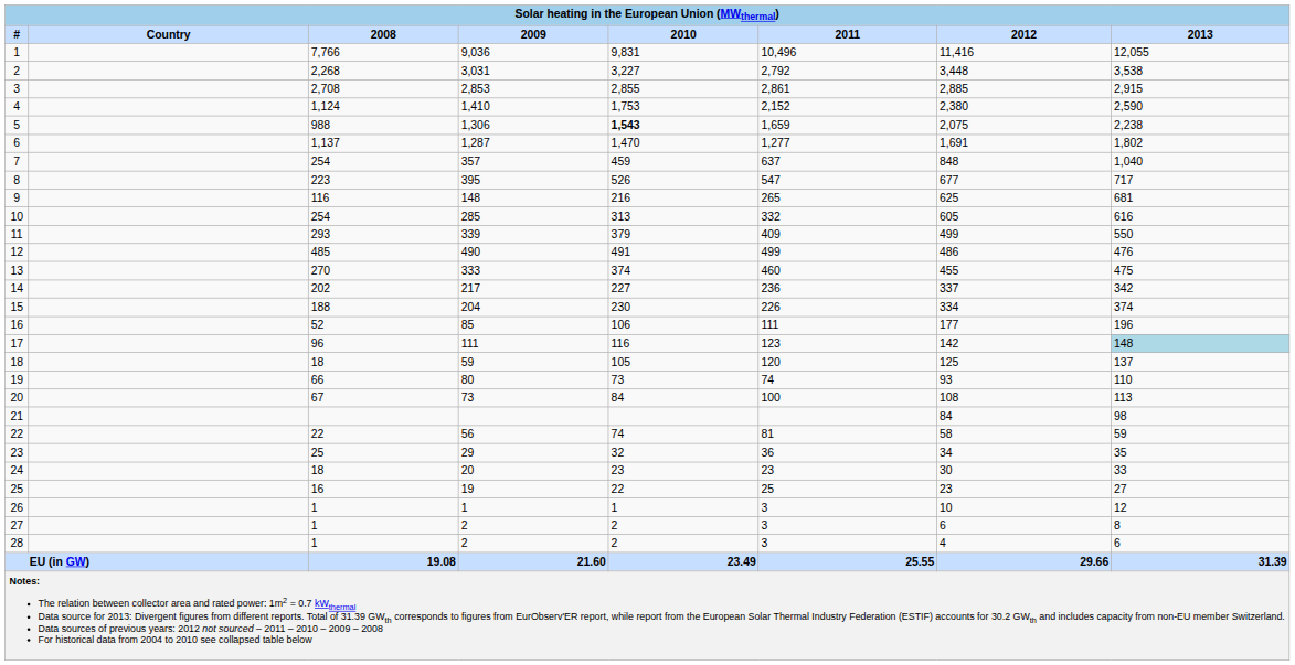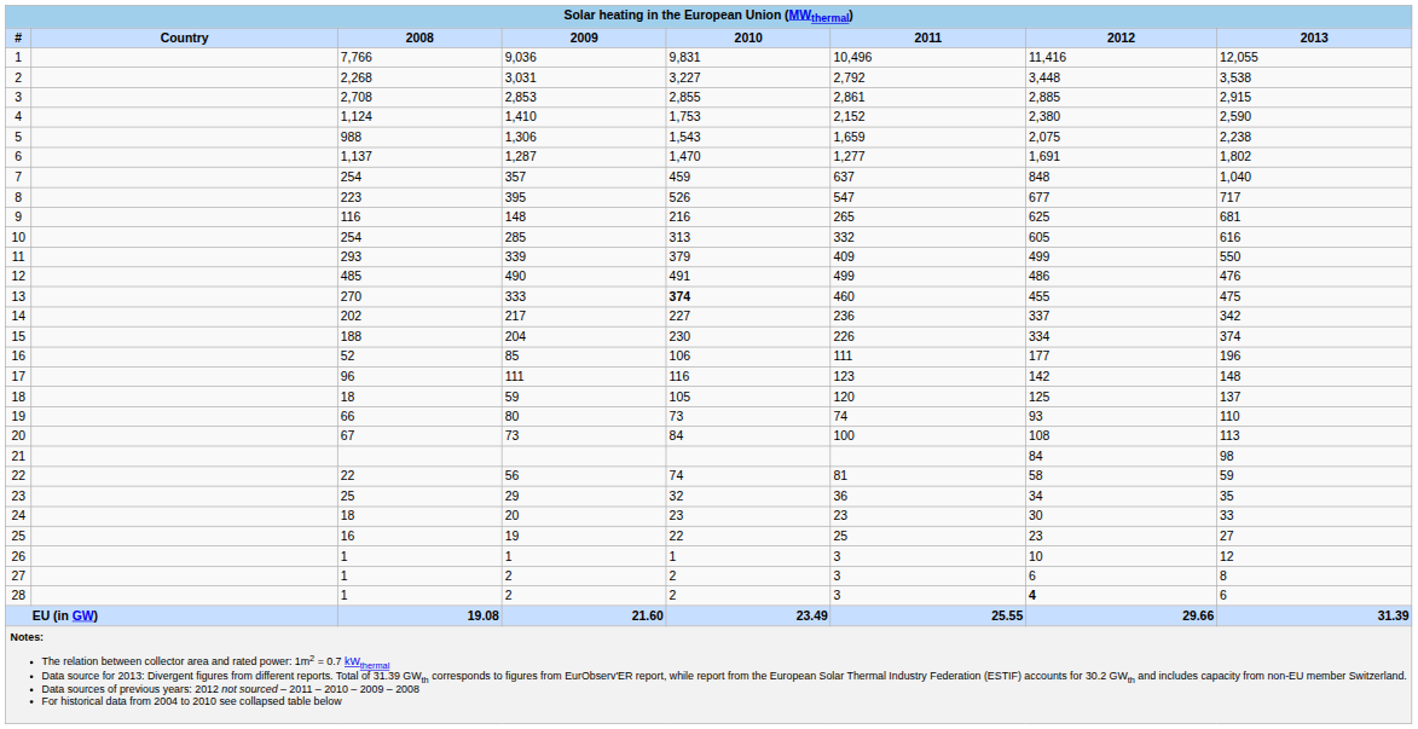 <table class="wikitable sortable">
 <tr>
 <th colspan=8 style="background-color: #A0CFEC;">Solar heating in the European Union (<a href='#'>MW</a><sub><a href='#'>thermal</a></sub>)</th>
 </tr>
 <tr>
 <th style="background-color: #C6DEFF; width: 26px;" class="unsortable">#</th>
 <th style="background-color: #C6DEFF;">Country</th>
 <th style="background-color: #C6DEFF;">2008</th>
 <th style="background-color: #C6DEFF;">2009</th>
 <th style="background-color: #C6DEFF;">2010</th>
 <th style="background-color: #C6DEFF;">2011</th>
 <th style="background-color: #C6DEFF;">2012</th>
 <th style="background-color: #C6DEFF;">2013</th>
 </tr>
 <tr>
 <td align=center>1</td>
 <td align=left></td>
 <td>7,766</td>
 <td>9,036</td>
 <td>9,831</td>
 <td>10,496</td>
 <td>11,416</td>
 <td>12,055</td>
 </tr>
 <tr>
 <td align=center>2</td>
 <td align=left></td>
 <td>2,268</td>
 <td>3,031</td>
 <td>3,227</td>
 <td>2,792</td>
 <td>3,448</td>
 <td>3,538</td>
 </tr>
 <tr>
 <td align=center>3</td>
 <td align=left></td>
 <td>2,708</td>
 <td>2,853</td>
 <td>2,855</td>
 <td>2,861</td>
 <td>2,885</td>
 <td>2,915</td>
 </tr>
 <tr>
 <td align=center>4</td>
 <td align=left></td>
 <td>1,124</td>
 <td>1,410</td>
 <td>1,753</td>
 <td>2,152</td>
 <td>2,380</td>
 <td>2,590</td>
 </tr>
 <tr>
 <td align=center>5</td>
 <td align=left></td>
 <td>988</td>
 <td>1,306</td>
-<td><strong>1,543</strong></td>
+<td>1,543</td>
 <td>1,659</td>
 <td>2,075</td>
 <td>2,238</td>
 </tr>
 <tr>
 <td align=center>6</td>
 <td align=left></td>
 <td>1,137</td>
 <td>1,287</td>
 <td>1,470</td>
 <td>1,277</td>
 <td>1,691</td>
 <td>1,802</td>
 </tr>
 <tr>
 <td align=center>7</td>
 <td align=left></td>
 <td>254</td>
 <td>357</td>
 <td>459</td>
 <td>637</td>
 <td>848</td>
 <td>1,040</td>
 </tr>
 <tr>
 <td align=center>8</td>
 <td align=left></td>
 <td>223</td>
 <td>395</td>
 <td>526</td>
 <td>547</td>
 <td>677</td>
 <td>717</td>
 </tr>
 <tr>
 <td align=center>9</td>
 <td align=left></td>
 <td>116</td>
 <td>148</td>
 <td>216</td>
 <td>265</td>
 <td>625</td>
 <td>681</td>
 </tr>
 <tr>
 <td align=center>10</td>
 <td align=left></td>
 <td>254</td>
 <td>285</td>
 <td>313</td>
 <td>332</td>
 <td>605</td>
 <td>616</td>
 </tr>
 <tr>
 <td align=center>11</td>
 <td align=left></td>
 <td>293</td>
 <td>339</td>
 <td>379</td>
 <td>409</td>
 <td>499</td>
 <td>550</td>
 </tr>
 <tr>
 <td align=center>12</td>
 <td align=left></td>
 <td>485</td>
 <td>490</td>
 <td>491</td>
 <td>499</td>
 <td>486</td>
 <td>476</td>
 </tr>
 <tr>
 <td align=center>13</td>
 <td align=left></td>
 <td>270</td>
 <td>333</td>
-<td>374</td>
+<td><strong>374</strong></td>
 <td>460</td>
 <td>455</td>
 <td>475</td>
 </tr>
 <tr>
 <td align=center>14</td>
 <td align=left></td>
 <td>202</td>
 <td>217</td>
 <td>227</td>
 <td>236</td>
 <td>337</td>
 <td>342</td>
 </tr>
 <tr>
 <td align=center>15</td>
 <td align=left></td>
 <td>188</td>
 <td>204</td>
 <td>230</td>
 <td>226</td>
 <td>334</td>
 <td>374</td>
 </tr>
 <tr>
 <td align=center>16</td>
 <td align=left></td>
 <td>52</td>
 <td>85</td>
 <td>106</td>
 <td>111</td>
 <td>177</td>
 <td>196</td>
 </tr>
 <tr>
 <td align=center>17</td>
 <td align=left></td>
 <td>96</td>
 <td>111</td>
 <td>116</td>
 <td>123</td>
 <td>142</td>
-<td style="background: lightblue;">148</td>
+<td>148</td>
 </tr>
 <tr>
 <td align=center>18</td>
 <td align=left></td>
 <td>18</td>
 <td>59</td>
 <td>105</td>
 <td>120</td>
 <td>125</td>
 <td>137</td>
 </tr>
 <tr>
 <td align=center>19</td>
 <td align=left></td>
 <td>66</td>
 <td>80</td>
 <td>73</td>
 <td>74</td>
 <td>93</td>
 <td>110</td>
 </tr>
 <tr>
 <td align=center>20</td>
 <td align=left></td>
 <td>67</td>
 <td>73</td>
 <td>84</td>
 <td>100</td>
 <td>108</td>
 <td>113</td>
 </tr>
 <tr>
 <td align=center>21</td>
 <td align=left></td>
 <td></td>
 <td></td>
 <td></td>
 <td></td>
 <td>84</td>
 <td>98</td>
 </tr>
 <tr>
 <td align=center>22</td>
 <td align=left></td>
 <td>22</td>
 <td>56</td>
 <td>74</td>
 <td>81</td>
 <td>58</td>
 <td>59</td>
 </tr>
 <tr>
 <td align=center>23</td>
 <td align=left></td>
 <td>25</td>
 <td>29</td>
 <td>32</td>
 <td>36</td>
 <td>34</td>
 <td>35</td>
 </tr>
 <tr>
 <td align=center>24</td>
 <td align=left></td>
 <td>18</td>
 <td>20</td>
 <td>23</td>
 <td>23</td>
 <td>30</td>
 <td>33</td>
 </tr>
 <tr>
 <td align=center>25</td>
 <td align=left></td>
 <td>16</td>
 <td>19</td>
 <td>22</td>
 <td>25</td>
 <td>23</td>
 <td>27</td>
 </tr>
 <tr>
 <td align=center>26</td>
 <td align=left></td>
 <td>1</td>
 <td>1</td>
 <td>1</td>
 <td>3</td>
 <td>10</td>
 <td>12</td>
 </tr>
 <tr>
 <td align=center>27</td>
 <td align=left></td>
 <td>1</td>
 <td>2</td>
 <td>2</td>
 <td>3</td>
 <td>6</td>
 <td>8</td>
 </tr>
 <tr>
 <td align=center>28</td>
 <td align=left></td>
 <td>1</td>
 <td>2</td>
 <td>2</td>
 <td>3</td>
-<td>4</td>
+<td><strong>4</strong></td>
 <td>6</td>
 </tr>
 <tr>
 <th colspan=2 style="background-color: #C6DEFF; text-align: left; padding-left: 34px;"> EU <span>(in <a href='#'>GW</a>)</span></th>
 <th style="background-color: #C6DEFF; text-align: right;">19.08</th>
 <th style="background-color: #C6DEFF; text-align: right;">21.60</th>
 <th style="background-color: #C6DEFF; text-align: right;">23.49</th>
 <th style="background-color: #C6DEFF; text-align: right;">25.55</th>
 <th style="background-color: #C6DEFF; text-align: right;">29.66</th>
 <th style="background-color: #C6DEFF; text-align: right;">31.39</th>
 </tr>
 <tr>
 <th colspan=11 style="text-align: left; font-weight: normal; padding: 6px; font-size: 0.85em;"><strong>Notes:</strong><br><ul><li>The relation between collector area and rated power: 1m<sup>2</sup> = 0.7 <a href='#'>kW</a><sub><a href='#'>thermal</a></sub></li><li>Data source for 2013: Divergent figures from different reports. Total of 31.39 GW<sub>th</sub> corresponds to figures from EurObserv'ER report, while report from the European Solar Thermal Industry Federation (ESTIF) accounts for 30.2 GW<sub>th</sub> and includes capacity from non-EU member Switzerland.</li><li>Data sources of previous years: 2012 <em>not sourced</em> – 2011 – 2010 – 2009 – 2008</li><li>For historical data from 2004 to 2010 see collapsed table below</li></ul></th>
 </tr>
 </table>
